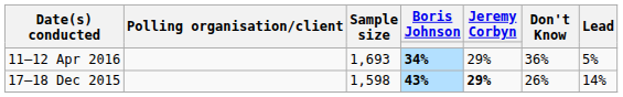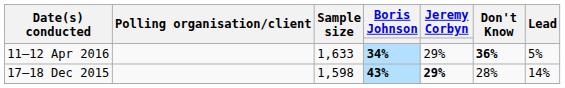 <table class="wikitable">
 <tr valign= center>
 <th rowspan="2">Date(s)<br>conducted</th>
 <th rowspan="2">Polling organisation/client</th>
 <th rowspan="2">Sample<br>size</th>
 <th style="width:50px;" class="unsortable"><a href='#'>Boris Johnson</a></th>
 <th style="width:50px;" class="unsortable"><a href='#'>Jeremy Corbyn</a></th>
 <th style="width:50px;" rowspan="2" class="unsortable">Don't <br> Know</th>
 <th class="unsortable" style="width:20px;" rowspan="2">Lead</th>
 </tr>
 <tr>
 <th class="unsortable" style="color:inherit;background:"></th>
 <th class="unsortable" style="color:inherit;background:"></th>
 </tr>
 <tr>
 <td rowspan=1>11–12 Apr 2016</td>
 <td rowspan=1></td>
-<td rowspan=1>1,693</td>
+<td rowspan=1>1,633</td>
 <td style="background:#B3E0FF"><strong>34%</strong></td>
 <td>29%</td>
-<td>36%</td>
+<td><strong>36%</strong></td>
 <td style="background:">5%</td>
 </tr>
 <tr>
 <td rowspan=1>17–18 Dec 2015</td>
 <td rowspan=1></td>
 <td rowspan=1>1,598</td>
 <td style="background:#B3E0FF"><strong>43%</strong></td>
 <td><strong>29%</strong></td>
-<td>26%</td>
+<td>28%</td>
 <td style="background:">14%</td>
 </tr>
 <tr>
 </tr>
 </table>
